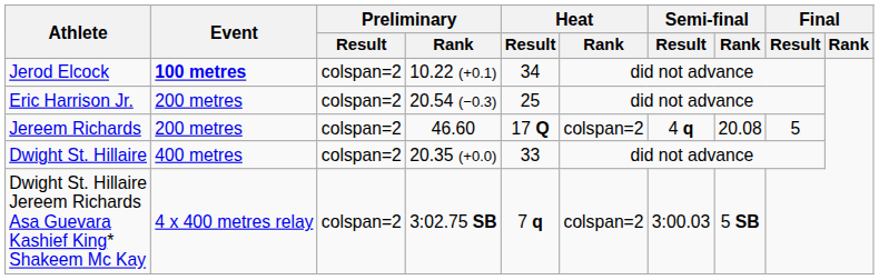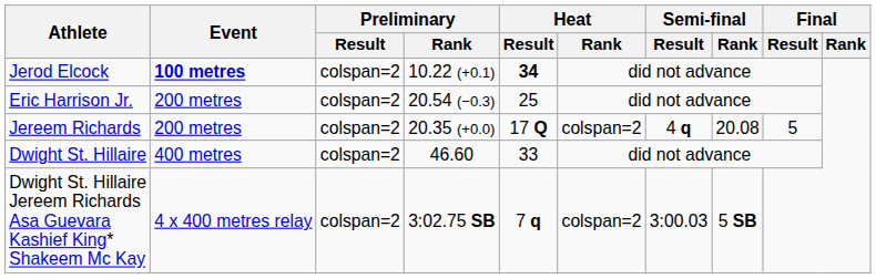 <table class=wikitable style=font-size:90%>
 <tr>
 <th rowspan=2>Athlete</th>
 <th rowspan=2>Event</th>
 <th colspan=2>Preliminary</th>
 <th colspan=2>Heat</th>
 <th colspan=2>Semi-final</th>
 <th colspan=2>Final</th>
 </tr>
 <tr style=font-size:95%>
 <th>Result</th>
 <th>Rank</th>
 <th>Result</th>
 <th>Rank</th>
 <th>Result</th>
 <th>Rank</th>
 <th>Result</th>
 <th>Rank</th>
 </tr>
 <tr align=center>
 <td align=left><a href='#'>Jerod Elcock</a></td>
 <td align=left><strong><a href='#'>100 metres</a></strong></td>
 <td>colspan=2</td>
 <td>10.22 <small>(+0.1)</small></td>
-<td>34</td>
+<td><strong>34</strong></td>
 <td colspan=4>did not advance</td>
 </tr>
 <tr align=center>
 <td align=left><a href='#'>Eric Harrison Jr.</a></td>
 <td align=left><a href='#'>200 metres</a></td>
 <td>colspan=2</td>
 <td>20.54 <small>(−0.3)</small></td>
 <td>25</td>
 <td colspan=4>did not advance</td>
 </tr>
 <tr align=center>
 <td align=left><a href='#'>Jereem Richards</a></td>
 <td align=left><a href='#'>200 metres</a></td>
 <td>colspan=2</td>
-<td>46.60</td>
+<td>20.35 <small>(+0.0)</small></td>
 <td>17 <strong>Q</strong></td>
 <td>colspan=2</td>
 <td>4 <strong>q</strong></td>
 <td>20.08</td>
 <td>5</td>
 </tr>
 <tr align=center>
 <td align=left><a href='#'>Dwight St. Hillaire</a></td>
 <td align=left><a href='#'>400 metres</a></td>
 <td>colspan=2</td>
-<td>20.35 <small>(+0.0)</small></td>
+<td>46.60</td>
 <td>33</td>
 <td colspan=4>did not advance</td>
 </tr>
 <tr align=center>
 <td align=left>Dwight St. Hillaire<br>Jereem Richards<br><a href='#'>Asa Guevara</a><br><a href='#'>Kashief King</a>*<br><a href='#'>Shakeem Mc Kay</a></td>
 <td align=left><a href='#'>4 x 400 metres relay</a></td>
 <td>colspan=2</td>
 <td>3:02.75 <strong>SB</strong></td>
 <td>7 <strong>q</strong></td>
 <td>colspan=2</td>
 <td>3:00.03</td>
 <td>5 <strong>SB</strong></td>
 </tr>
 </table>
